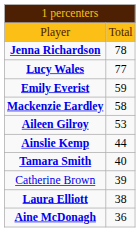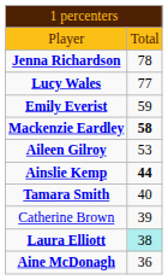 <table class="wikitable" style="text-align:center;">
 <tr>
 <td colspan="2" style="text-align:center; background: #4D2004; color: #FBBF15">1 percenters</td>
 </tr>
 <tr>
 <td style="text-align:center; background: #FBBF15; color: #4D2004">Player</td>
 <td style="text-align:center; background: #FBBF15; color: #4D2004">Total</td>
 </tr>
 <tr>
 <td><strong><a href='#'>Jenna Richardson</a></strong></td>
 <td>78</td>
 </tr>
 <tr>
 <td><strong><a href='#'>Lucy Wales</a></strong></td>
 <td>77</td>
 </tr>
 <tr>
 <td><strong><a href='#'>Emily Everist</a></strong></td>
 <td>59</td>
 </tr>
 <tr>
 <td><strong><a href='#'>Mackenzie Eardley</a></strong></td>
-<td>58</td>
+<td><strong>58</strong></td>
 </tr>
 <tr>
 <td><strong><a href='#'>Aileen Gilroy</a></strong></td>
 <td>53</td>
 </tr>
 <tr>
 <td><strong><a href='#'>Ainslie Kemp</a></strong></td>
-<td>44</td>
+<td><strong>44</strong></td>
 </tr>
 <tr>
 <td><strong><a href='#'>Tamara Smith</a></strong></td>
 <td>40</td>
 </tr>
 <tr>
 <td><a href='#'>Catherine Brown</a></td>
 <td>39</td>
 </tr>
 <tr>
 <td><strong><a href='#'>Laura Elliott</a></strong></td>
-<td>38</td>
+<td style="background: paleturquoise;">38</td>
 </tr>
 <tr>
 <td><strong><a href='#'>Aine McDonagh</a></strong></td>
 <td>36</td>
 </tr>
 </table>
